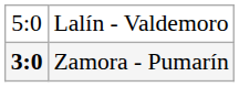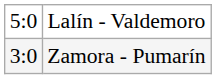 <table class="wikitable">
 <tr align=center bgcolor=white>
 <td>5:0</td>
 <td>Lalín - Valdemoro</td>
 </tr>
 <tr align=center bgcolor=#F5F5F5>
-<td><strong>3:0</strong></td>
+<td>3:0</td>
 <td>Zamora - Pumarín</td>
 </tr>
 </table>
